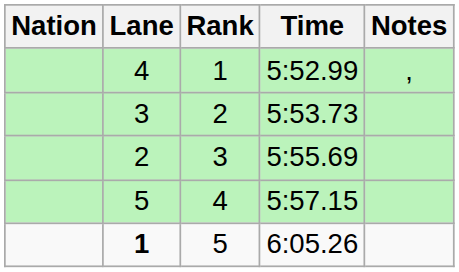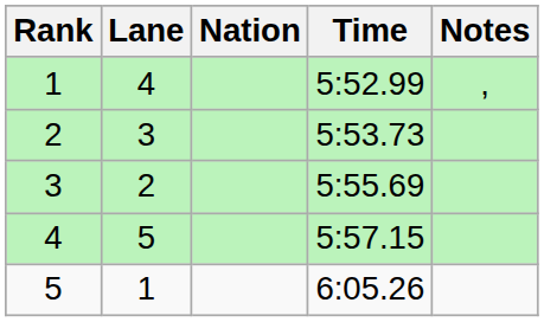 <table class="wikitable sortable" style="text-align:center">
 <tr>
+<th>Rank</th>
+<th>Lane</th>
 <th>Nation</th>
-<th>Lane</th>
-<th>Rank</th>
 <th>Time</th>
 <th>Notes</th>
 </tr>
 <tr bgcolor=bbf3bb>
+<td>1</td>
+<td>4</td>
 <td align=left></td>
-<td>4</td>
-<td>1</td>
 <td>5:52.99</td>
 <td align=center>, </td>
 </tr>
 <tr bgcolor=bbf3bb>
+<td>2</td>
+<td>3</td>
 <td align=left></td>
-<td>3</td>
-<td>2</td>
 <td>5:53.73</td>
 <td align=center></td>
 </tr>
 <tr bgcolor=bbf3bb>
+<td>3</td>
+<td>2</td>
 <td align=left></td>
-<td>2</td>
-<td>3</td>
 <td>5:55.69</td>
 <td align=center></td>
 </tr>
 <tr bgcolor=bbf3bb>
+<td>4</td>
+<td>5</td>
 <td align=left></td>
-<td>5</td>
-<td>4</td>
 <td>5:57.15</td>
 <td align=center></td>
 </tr>
 <tr>
+<td>5</td>
+<td>1</td>
 <td align=left></td>
-<td><strong>1</strong></td>
-<td>5</td>
 <td>6:05.26</td>
 <td align=center></td>
 </tr>
 </table>
